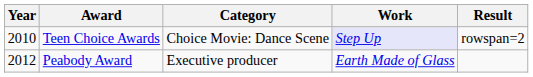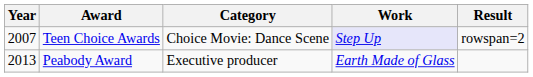 <table class="wikitable">
 <tr>
 <th>Year</th>
 <th>Award</th>
 <th>Category</th>
 <th>Work</th>
 <th>Result</th>
 </tr>
 <tr>
-<td>2010</td>
+<td>2007</td>
 <td><a href='#'>Teen Choice Awards</a></td>
 <td>Choice Movie: Dance Scene </td>
 <td style="background: lavender;"><em><a href='#'>Step Up</a></em></td>
 <td>rowspan=2 </td>
 </tr>
 <tr>
-<td>2012</td>
+<td>2013</td>
 <td><a href='#'>Peabody Award</a></td>
 <td>Executive producer </td>
 <td><em><a href='#'>Earth Made of Glass</a></em></td>
 </tr>
 </table>
